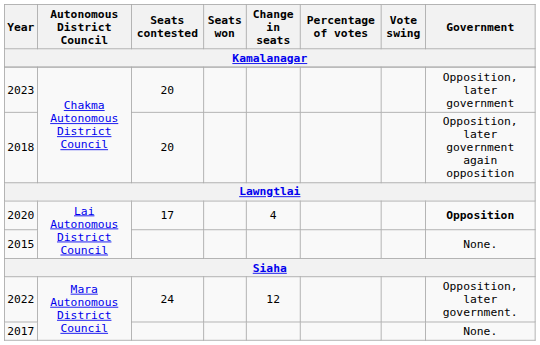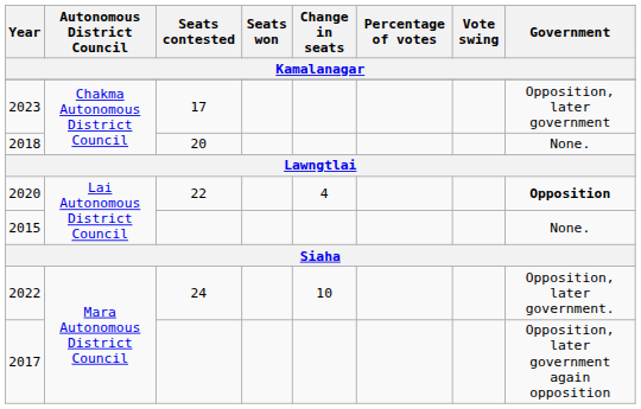 <table class="wikitable" style="text-align:center">
 <tr>
 <th Style="background-color:">Year</th>
 <th Style="background-color:">Autonomous District Council</th>
 <th Style="background-color:">Seats contested</th>
 <th Style="background-color:">Seats won</th>
 <th Style="background-color:">Change in seats</th>
 <th Style="background-color:">Percentage of votes</th>
 <th Style="background-color:">Vote swing</th>
 <th Style="background-color:">Government</th>
 </tr>
 <tr>
 <th colspan=8><a href='#'>Kamalanagar</a></th>
 </tr>
 <tr>
 </tr>
 <tr>
 <td>2023</td>
 <td rowspan=2><a href='#'>Chakma Autonomous District Council</a></td>
-<td>20</td>
+<td>17</td>
 <td></td>
 <td></td>
 <td></td>
 <td></td>
 <td>Opposition, later government</td>
 </tr>
 <tr>
 <td>2018</td>
 <td>20</td>
 <td></td>
 <td></td>
 <td></td>
 <td></td>
-<td>Opposition, later government again opposition</td>
+<td>None.</td>
 </tr>
 <tr>
 <th colspan=8><a href='#'>Lawngtlai</a></th>
 </tr>
 <tr>
 <td>2020</td>
 <td rowspan=2><a href='#'>Lai Autonomous District Council</a></td>
-<td>17</td>
+<td>22</td>
 <td></td>
 <td> 4</td>
 <td></td>
 <td></td>
 <td><strong>Opposition</strong></td>
 </tr>
 <tr>
 <td>2015</td>
 <td></td>
 <td></td>
 <td></td>
 <td></td>
 <td></td>
 <td>None.</td>
 </tr>
 <tr>
 <th colspan=8><a href='#'>Siaha</a></th>
 </tr>
 <tr>
 <td>2022</td>
 <td rowspan=2><a href='#'>Mara Autonomous District Council</a></td>
 <td>24</td>
 <td></td>
-<td> 12</td>
+<td> 10</td>
 <td></td>
 <td></td>
 <td>Opposition, later government.</td>
 </tr>
 <tr>
 <td>2017</td>
 <td></td>
 <td></td>
 <td></td>
 <td></td>
 <td></td>
-<td>None.</td>
+<td>Opposition, later government again opposition</td>
 </tr>
 </table>
